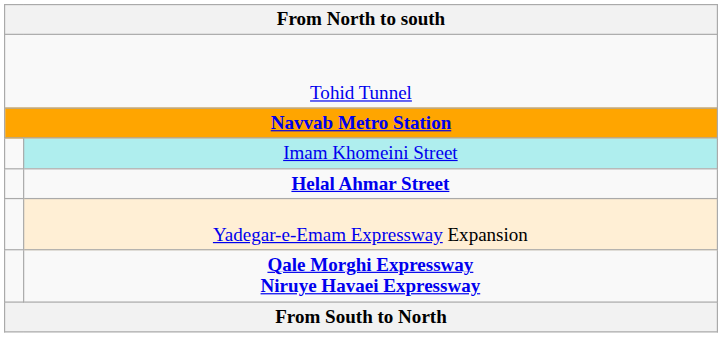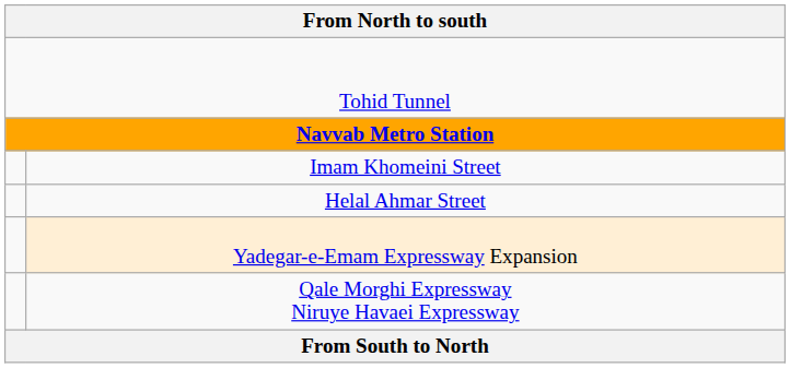 <table class="wikitable" style="text-align:center" width="600px">
 <tr>
 <th text-align="center" colspan="3"> From North to south </th>
 </tr>
 <tr>
 <td text-align="center" colspan="3"><br><br><a href='#'>Tohid Tunnel</a></td>
 </tr>
 <tr>
 <td text-align="center" colspan="3" style="background: orange; color: white;"> <strong><a href='#'>Navvab Metro Station</a></strong></td>
 </tr>
 <tr>
 <td></td>
-<td style="background: paleturquoise;"> <a href='#'>Imam Khomeini Street</a></td>
+<td> <a href='#'>Imam Khomeini Street</a></td>
 </tr>
 <tr>
 <td></td>
-<td><strong> <a href='#'>Helal Ahmar Street</a></strong></td>
+<td> <a href='#'>Helal Ahmar Street</a></td>
 </tr>
 <tr>
 <td></td>
 <td align="center" bgcolor="#FFEFD5"><br> <a href='#'>Yadegar-e-Emam Expressway</a> Expansion</td>
 </tr>
 <tr>
 <td><br></td>
-<td><strong> <a href='#'>Qale Morghi Expressway</a><br> <a href='#'>Niruye Havaei Expressway</a></strong></td>
+<td> <a href='#'>Qale Morghi Expressway</a><br> <a href='#'>Niruye Havaei Expressway</a></td>
 </tr>
 <tr>
 <th text-align="center" colspan="3"> From South to North </th>
 </tr>
 </table>
